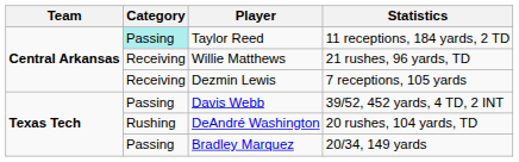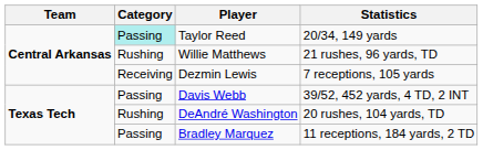 <table class="wikitable" style="float: right;">
 <tr>
 <th>Team</th>
 <th>Category</th>
 <th>Player</th>
 <th>Statistics</th>
 </tr>
 <tr>
 <td rowspan=3><strong>Central Arkansas</strong></td>
 <td style="background: paleturquoise;">Passing</td>
 <td>Taylor Reed</td>
-<td>11 receptions, 184 yards, 2 TD</td>
+<td>20/34, 149 yards</td>
 </tr>
 <tr>
-<td>Receiving</td>
+<td>Rushing</td>
 <td>Willie Matthews</td>
 <td>21 rushes, 96 yards, TD</td>
 </tr>
 <tr>
 <td>Receiving</td>
 <td>Dezmin Lewis</td>
 <td>7 receptions, 105 yards</td>
 </tr>
 <tr>
 <td rowspan=3><strong>Texas Tech</strong></td>
 <td>Passing</td>
 <td><a href='#'>Davis Webb</a></td>
 <td>39/52, 452 yards, 4 TD, 2 INT</td>
 </tr>
 <tr>
 <td>Rushing</td>
 <td><a href='#'>DeAndré Washington</a></td>
 <td>20 rushes, 104 yards, TD</td>
 </tr>
 <tr>
 <td>Passing</td>
 <td><a href='#'>Bradley Marquez</a></td>
-<td>20/34, 149 yards</td>
+<td>11 receptions, 184 yards, 2 TD</td>
 </tr>
 </table>
